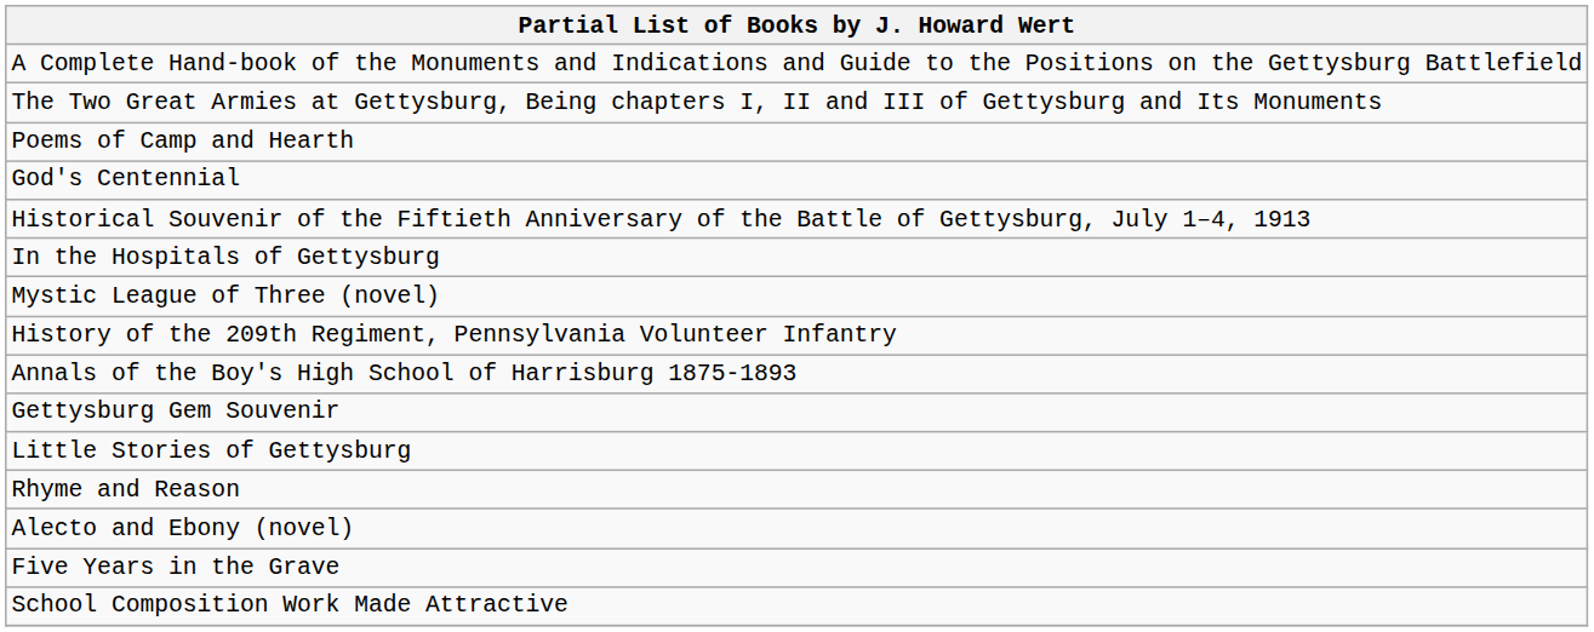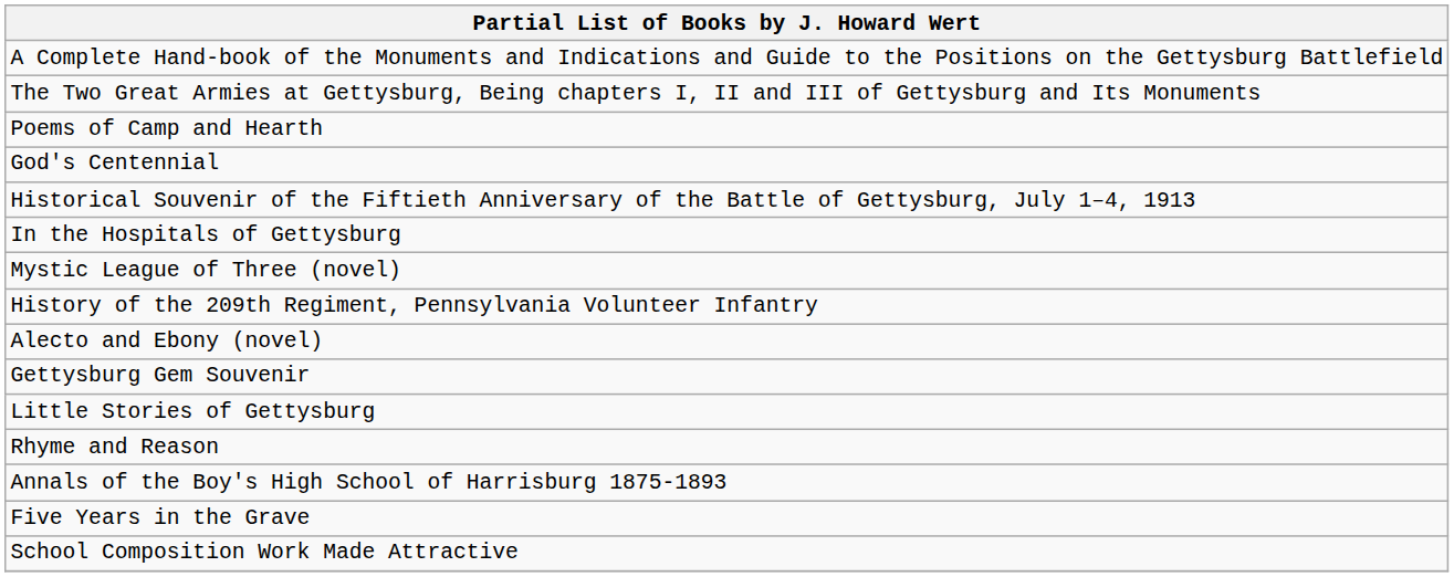 <table class="wikitable">
 <tr>
 <th>Partial List of Books by J. Howard Wert</th>
 </tr>
 <tr>
 <td>A Complete Hand-book of the Monuments and Indications and Guide to the Positions on the Gettysburg Battlefield</td>
 </tr>
 <tr>
 <td>The Two Great Armies at Gettysburg, Being chapters I, II and III of Gettysburg and Its Monuments</td>
 </tr>
 <tr>
 <td>Poems of Camp and Hearth</td>
 </tr>
 <tr>
 <td>God's Centennial</td>
 </tr>
 <tr>
 <td>Historical Souvenir of the Fiftieth Anniversary of the Battle of Gettysburg, July 1–4, 1913</td>
 </tr>
 <tr>
 <td>In the Hospitals of Gettysburg</td>
 </tr>
 <tr>
 <td>Mystic League of Three (novel)</td>
 </tr>
 <tr>
 <td>History of the 209th Regiment, Pennsylvania Volunteer Infantry</td>
 </tr>
 <tr>
-<td>Annals of the Boy's High School of Harrisburg 1875-1893</td>
+<td>Alecto and Ebony (novel)</td>
 </tr>
 <tr>
 <td>Gettysburg Gem Souvenir</td>
 </tr>
 <tr>
 <td>Little Stories of Gettysburg</td>
 </tr>
 <tr>
 <td>Rhyme and Reason</td>
 </tr>
 <tr>
-<td>Alecto and Ebony (novel)</td>
+<td>Annals of the Boy's High School of Harrisburg 1875-1893</td>
 </tr>
 <tr>
 <td>Five Years in the Grave</td>
 </tr>
 <tr>
 <td>School Composition Work Made Attractive</td>
 </tr>
 <tr>
 </tr>
 </table>
